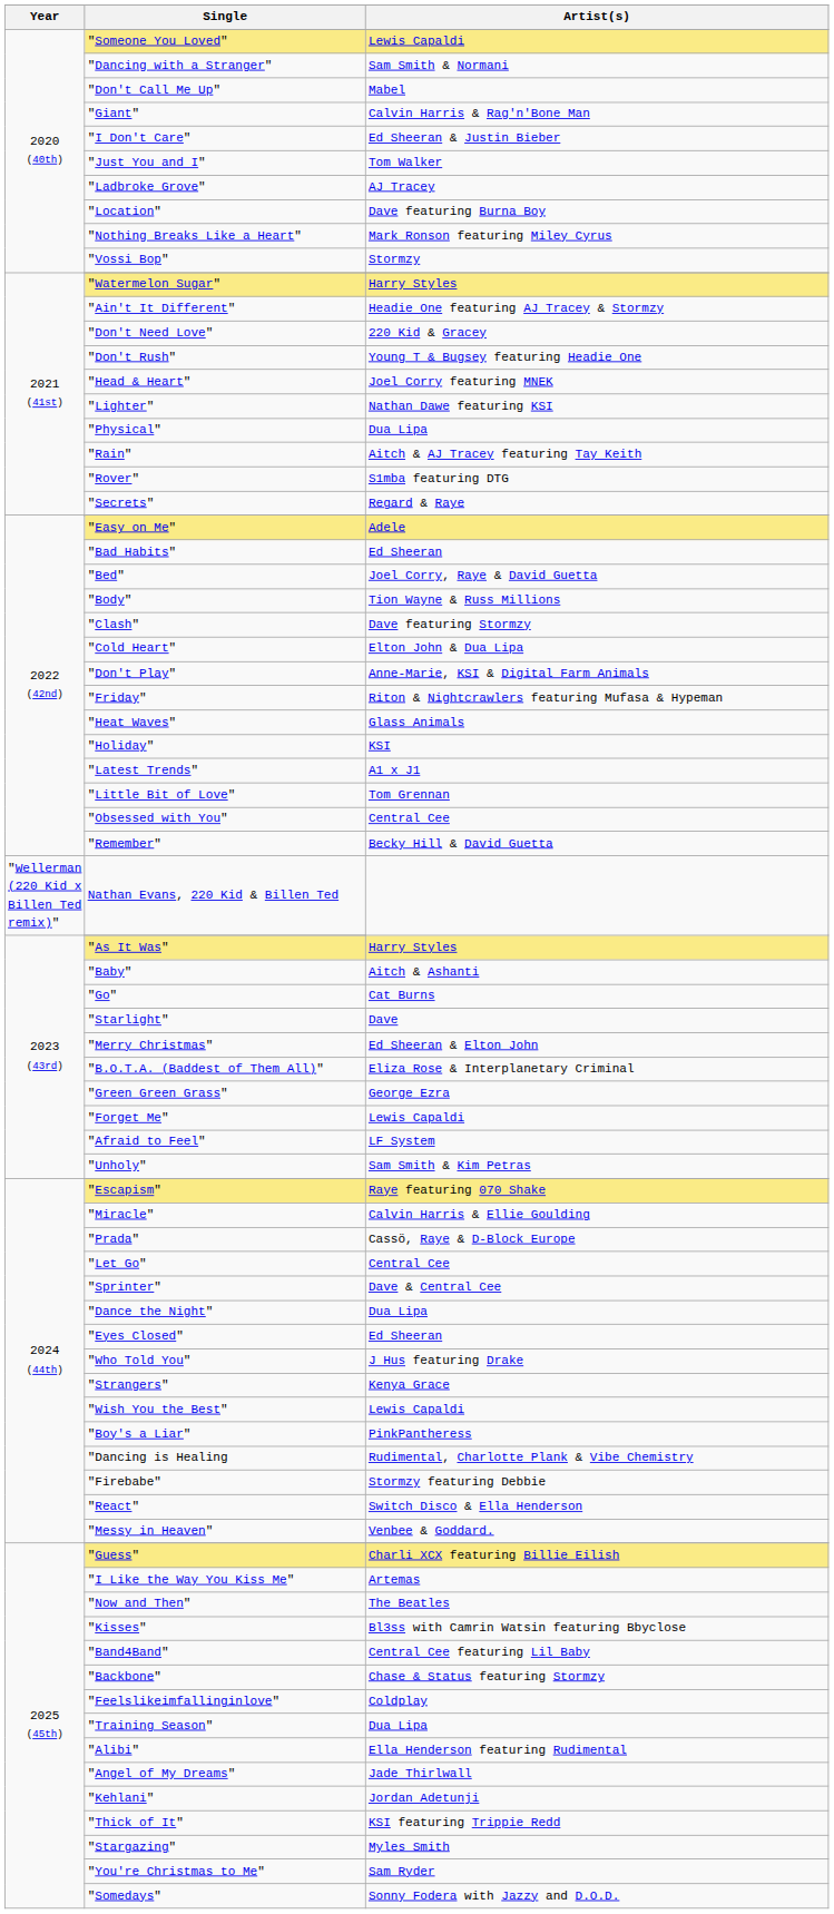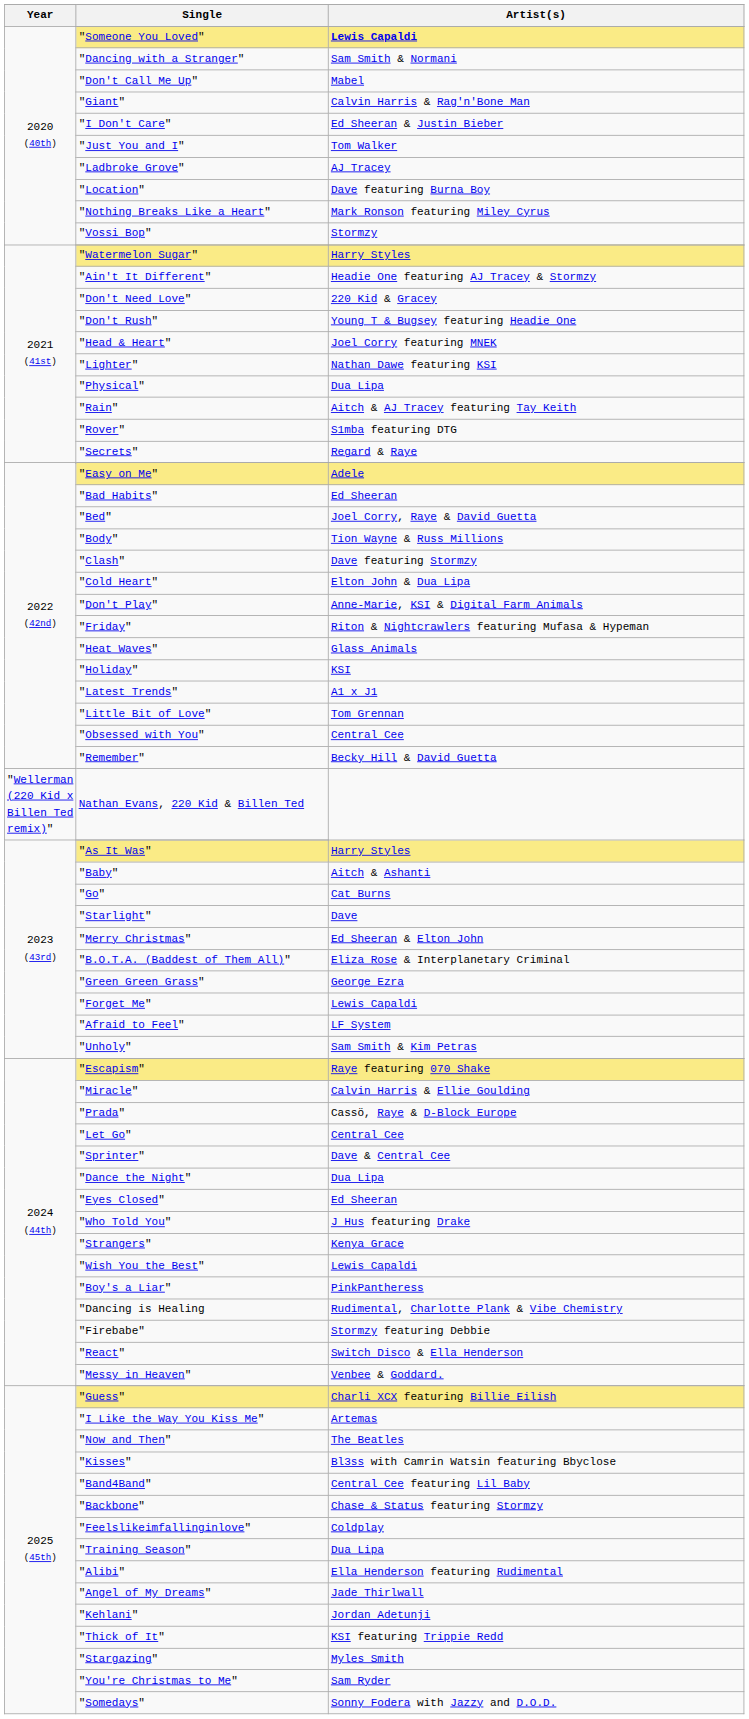 <table class="wikitable" style="font-size:1.00em; line-height:1.5em;">
 <tr bgcolor="#bebebe">
 </tr>
 <tr bgcolor="#bebebe">
 <th width="5%">Year</th>
 <th width="35%">Single</th>
 <th width="60%">Artist(s)</th>
 </tr>
 <tr>
 <td rowspan="11" style="text-align:center;">2020 <br><small>(<a href='#'>40th</a>)</small></td>
 </tr>
 <tr style="background:#FAEB86;">
 <td>"<a href='#'>Someone You Loved</a>"</td>
-<td><a href='#'>Lewis Capaldi</a></td>
+<td><strong><a href='#'>Lewis Capaldi</a></strong></td>
 </tr>
 <tr>
 <td>"<a href='#'>Dancing with a Stranger</a>"</td>
 <td><a href='#'>Sam Smith</a> & <a href='#'>Normani</a></td>
 </tr>
 <tr>
 <td>"<a href='#'>Don't Call Me Up</a>"</td>
 <td><a href='#'>Mabel</a></td>
 </tr>
 <tr>
 <td>"<a href='#'>Giant</a>"</td>
 <td><a href='#'>Calvin Harris</a> & <a href='#'>Rag'n'Bone Man</a></td>
 </tr>
 <tr>
 <td>"<a href='#'>I Don't Care</a>"</td>
 <td><a href='#'>Ed Sheeran</a> & <a href='#'>Justin Bieber</a></td>
 </tr>
 <tr>
 <td>"<a href='#'>Just You and I</a>"</td>
 <td><a href='#'>Tom Walker</a></td>
 </tr>
 <tr>
 <td>"<a href='#'>Ladbroke Grove</a>"</td>
 <td><a href='#'>AJ Tracey</a></td>
 </tr>
 <tr>
 <td>"<a href='#'>Location</a>"</td>
 <td><a href='#'>Dave</a> featuring <a href='#'>Burna Boy</a></td>
 </tr>
 <tr>
 <td>"<a href='#'>Nothing Breaks Like a Heart</a>"</td>
 <td><a href='#'>Mark Ronson</a> featuring <a href='#'>Miley Cyrus</a></td>
 </tr>
 <tr>
 <td>"<a href='#'>Vossi Bop</a>"</td>
 <td><a href='#'>Stormzy</a></td>
 </tr>
 <tr>
 <td rowspan="11" style="text-align:center;">2021 <br><small>(<a href='#'>41st</a>)</small></td>
 </tr>
 <tr style="background:#FAEB86;">
 <td>"<a href='#'>Watermelon Sugar</a>"</td>
 <td><a href='#'>Harry Styles</a></td>
 </tr>
 <tr>
 <td>"<a href='#'>Ain't It Different</a>"</td>
 <td><a href='#'>Headie One</a> featuring <a href='#'>AJ Tracey</a> & <a href='#'>Stormzy</a></td>
 </tr>
 <tr>
 <td>"<a href='#'>Don't Need Love</a>"</td>
 <td><a href='#'>220 Kid</a> & <a href='#'>Gracey</a></td>
 </tr>
 <tr>
 <td>"<a href='#'>Don't Rush</a>"</td>
 <td><a href='#'>Young T & Bugsey</a> featuring <a href='#'>Headie One</a></td>
 </tr>
 <tr>
 <td>"<a href='#'>Head & Heart</a>"</td>
 <td><a href='#'>Joel Corry</a> featuring <a href='#'>MNEK</a></td>
 </tr>
 <tr>
 <td>"<a href='#'>Lighter</a>"</td>
 <td><a href='#'>Nathan Dawe</a> featuring <a href='#'>KSI</a></td>
 </tr>
 <tr>
 <td>"<a href='#'>Physical</a>"</td>
 <td><a href='#'>Dua Lipa</a></td>
 </tr>
 <tr>
 <td>"<a href='#'>Rain</a>"</td>
 <td><a href='#'>Aitch</a> & <a href='#'>AJ Tracey</a> featuring <a href='#'>Tay Keith</a></td>
 </tr>
 <tr>
 <td>"<a href='#'>Rover</a>"</td>
 <td><a href='#'>S1mba</a> featuring DTG</td>
 </tr>
 <tr>
 <td>"<a href='#'>Secrets</a>"</td>
 <td><a href='#'>Regard</a> & <a href='#'>Raye</a></td>
 </tr>
 <tr>
 <td rowspan="16" style="text-align:center;">2022 <br><small>(<a href='#'>42nd</a>)</small></td>
 </tr>
 <tr>
 </tr>
 <tr style="background:#FAEB86;">
 <td>"<a href='#'>Easy on Me</a>"</td>
 <td><a href='#'>Adele</a></td>
 </tr>
 <tr>
 <td>"<a href='#'>Bad Habits</a>"</td>
 <td><a href='#'>Ed Sheeran</a></td>
 </tr>
 <tr>
 <td>"<a href='#'>Bed</a>"</td>
 <td><a href='#'>Joel Corry</a>, <a href='#'>Raye</a> & <a href='#'>David Guetta</a></td>
 </tr>
 <tr>
 <td>"<a href='#'>Body</a>"</td>
 <td><a href='#'>Tion Wayne</a> & <a href='#'>Russ Millions</a></td>
 </tr>
 <tr>
 <td>"<a href='#'>Clash</a>"</td>
 <td><a href='#'>Dave</a> featuring <a href='#'>Stormzy</a></td>
 </tr>
 <tr>
 <td>"<a href='#'>Cold Heart</a>"</td>
 <td><a href='#'>Elton John</a> & <a href='#'>Dua Lipa</a></td>
 </tr>
 <tr>
 <td>"<a href='#'>Don't Play</a>"</td>
 <td><a href='#'>Anne-Marie</a>, <a href='#'>KSI</a> & <a href='#'>Digital Farm Animals</a></td>
 </tr>
 <tr>
 <td>"<a href='#'>Friday</a>"</td>
 <td><a href='#'>Riton</a> & <a href='#'>Nightcrawlers</a> featuring Mufasa & Hypeman</td>
 </tr>
 <tr>
 <td>"<a href='#'>Heat Waves</a>"</td>
 <td><a href='#'>Glass Animals</a></td>
 </tr>
 <tr>
 <td>"<a href='#'>Holiday</a>"</td>
 <td><a href='#'>KSI</a></td>
 </tr>
 <tr>
 <td>"<a href='#'>Latest Trends</a>"</td>
 <td><a href='#'>A1 x J1</a></td>
 </tr>
 <tr>
 <td>"<a href='#'>Little Bit of Love</a>"</td>
 <td><a href='#'>Tom Grennan</a></td>
 </tr>
 <tr>
 <td>"<a href='#'>Obsessed with You</a>"</td>
 <td><a href='#'>Central Cee</a></td>
 </tr>
 <tr>
 <td>"<a href='#'>Remember</a>"</td>
 <td><a href='#'>Becky Hill</a> & <a href='#'>David Guetta</a></td>
 </tr>
 <tr>
 <td>"<a href='#'>Wellerman (220 Kid x Billen Ted remix)</a>"</td>
 <td><a href='#'>Nathan Evans</a>, <a href='#'>220 Kid</a> & <a href='#'>Billen Ted</a></td>
 </tr>
 <tr>
 <td rowspan="11" style="text-align:center;">2023 <br><small>(<a href='#'>43rd</a>)</small></td>
 </tr>
 <tr style="background:#FAEB86;">
 <td>"<a href='#'>As It Was</a>"</td>
 <td><a href='#'>Harry Styles</a></td>
 </tr>
 <tr>
 <td>"<a href='#'>Baby</a>"</td>
 <td><a href='#'>Aitch</a> & <a href='#'>Ashanti</a></td>
 </tr>
 <tr>
 <td>"<a href='#'>Go</a>"</td>
 <td><a href='#'>Cat Burns</a></td>
 </tr>
 <tr>
 <td>"<a href='#'>Starlight</a>"</td>
 <td><a href='#'>Dave</a></td>
 </tr>
 <tr>
 <td>"<a href='#'>Merry Christmas</a>"</td>
 <td><a href='#'>Ed Sheeran</a> & <a href='#'>Elton John</a></td>
 </tr>
 <tr>
 <td>"<a href='#'>B.O.T.A. (Baddest of Them All)</a>"</td>
 <td><a href='#'>Eliza Rose</a> & Interplanetary Criminal</td>
 </tr>
 <tr>
 <td>"<a href='#'>Green Green Grass</a>"</td>
 <td><a href='#'>George Ezra</a></td>
 </tr>
 <tr>
 <td>"<a href='#'>Forget Me</a>"</td>
 <td><a href='#'>Lewis Capaldi</a></td>
 </tr>
 <tr>
 <td>"<a href='#'>Afraid to Feel</a>"</td>
 <td><a href='#'>LF System</a></td>
 </tr>
 <tr>
 <td>"<a href='#'>Unholy</a>"</td>
 <td><a href='#'>Sam Smith</a> & <a href='#'>Kim Petras</a></td>
 </tr>
 <tr>
 <td rowspan="16" style="text-align:center;">2024 <br><small>(<a href='#'>44th</a>)</small></td>
 </tr>
 <tr style="background:#FAEB86;">
 <td>"<a href='#'>Escapism</a>"</td>
 <td><a href='#'>Raye</a> featuring <a href='#'>070 Shake</a></td>
 </tr>
 <tr>
 <td>"<a href='#'>Miracle</a>"</td>
 <td><a href='#'>Calvin Harris</a> & <a href='#'>Ellie Goulding</a></td>
 </tr>
 <tr>
 <td>"<a href='#'>Prada</a>"</td>
 <td>Cassö, <a href='#'>Raye</a> & <a href='#'>D-Block Europe</a></td>
 </tr>
 <tr>
 <td>"<a href='#'>Let Go</a>"</td>
 <td><a href='#'>Central Cee</a></td>
 </tr>
 <tr>
 <td>"<a href='#'>Sprinter</a>"</td>
 <td><a href='#'>Dave</a> & <a href='#'>Central Cee</a></td>
 </tr>
 <tr>
 <td>"<a href='#'>Dance the Night</a>"</td>
 <td><a href='#'>Dua Lipa</a></td>
 </tr>
 <tr>
 <td>"<a href='#'>Eyes Closed</a>"</td>
 <td><a href='#'>Ed Sheeran</a></td>
 </tr>
 <tr>
 <td>"<a href='#'>Who Told You</a>"</td>
 <td><a href='#'>J Hus</a> featuring <a href='#'>Drake</a></td>
 </tr>
 <tr>
 <td>"<a href='#'>Strangers</a>"</td>
 <td><a href='#'>Kenya Grace</a></td>
 </tr>
 <tr>
 <td>"<a href='#'>Wish You the Best</a>"</td>
 <td><a href='#'>Lewis Capaldi</a></td>
 </tr>
 <tr>
 <td>"<a href='#'>Boy's a Liar</a>"</td>
 <td><a href='#'>PinkPantheress</a></td>
 </tr>
 <tr>
 <td>"Dancing is Healing</td>
 <td><a href='#'>Rudimental</a>, <a href='#'>Charlotte Plank</a> & <a href='#'>Vibe Chemistry</a></td>
 </tr>
 <tr>
 <td>"Firebabe"</td>
 <td><a href='#'>Stormzy</a> featuring Debbie</td>
 </tr>
 <tr>
 <td>"<a href='#'>React</a>"</td>
 <td><a href='#'>Switch Disco</a> & <a href='#'>Ella Henderson</a></td>
 </tr>
 <tr>
 <td>"<a href='#'>Messy in Heaven</a>"</td>
 <td><a href='#'>Venbee</a> & <a href='#'>Goddard.</a></td>
 </tr>
 <tr>
 <td rowspan="16" style="text-align:center;">2025 <br><small>(<a href='#'>45th</a>)</small></td>
 </tr>
 <tr style="background:#FAEB86;">
 <td>"<a href='#'>Guess</a>"</td>
 <td><a href='#'>Charli XCX</a> featuring <a href='#'>Billie Eilish</a></td>
 </tr>
 <tr>
 <td>"<a href='#'>I Like the Way You Kiss Me</a>"</td>
 <td><a href='#'>Artemas</a></td>
 </tr>
 <tr>
 <td>"<a href='#'>Now and Then</a>"</td>
 <td><a href='#'>The Beatles</a></td>
 </tr>
 <tr>
 <td>"<a href='#'>Kisses</a>"</td>
 <td><a href='#'>Bl3ss</a> with Camrin Watsin featuring Bbyclose</td>
 </tr>
 <tr>
 <td>"<a href='#'>Band4Band</a>"</td>
 <td><a href='#'>Central Cee</a> featuring <a href='#'>Lil Baby</a></td>
 </tr>
 <tr>
 <td>"<a href='#'>Backbone</a>"</td>
 <td><a href='#'>Chase & Status</a> featuring <a href='#'>Stormzy</a></td>
 </tr>
 <tr>
 <td>"<a href='#'>Feelslikeimfallinginlove</a>"</td>
 <td><a href='#'>Coldplay</a></td>
 </tr>
 <tr>
 <td>"<a href='#'>Training Season</a>"</td>
 <td><a href='#'>Dua Lipa</a></td>
 </tr>
 <tr>
 <td>"<a href='#'>Alibi</a>"</td>
 <td><a href='#'>Ella Henderson</a> featuring <a href='#'>Rudimental</a></td>
 </tr>
 <tr>
 <td>"<a href='#'>Angel of My Dreams</a>"</td>
 <td><a href='#'>Jade Thirlwall</a></td>
 </tr>
 <tr>
 <td>"<a href='#'>Kehlani</a>"</td>
 <td><a href='#'>Jordan Adetunji</a></td>
 </tr>
 <tr>
 <td>"<a href='#'>Thick of It</a>"</td>
 <td><a href='#'>KSI</a> featuring <a href='#'>Trippie Redd</a></td>
 </tr>
 <tr>
 <td>"<a href='#'>Stargazing</a>"</td>
 <td><a href='#'>Myles Smith</a></td>
 </tr>
 <tr>
 <td>"<a href='#'>You're Christmas to Me</a>"</td>
 <td><a href='#'>Sam Ryder</a></td>
 </tr>
 <tr>
 <td>"<a href='#'>Somedays</a>"</td>
 <td><a href='#'>Sonny Fodera</a> with <a href='#'>Jazzy</a> and <a href='#'>D.O.D.</a></td>
 </tr>
 </table>
